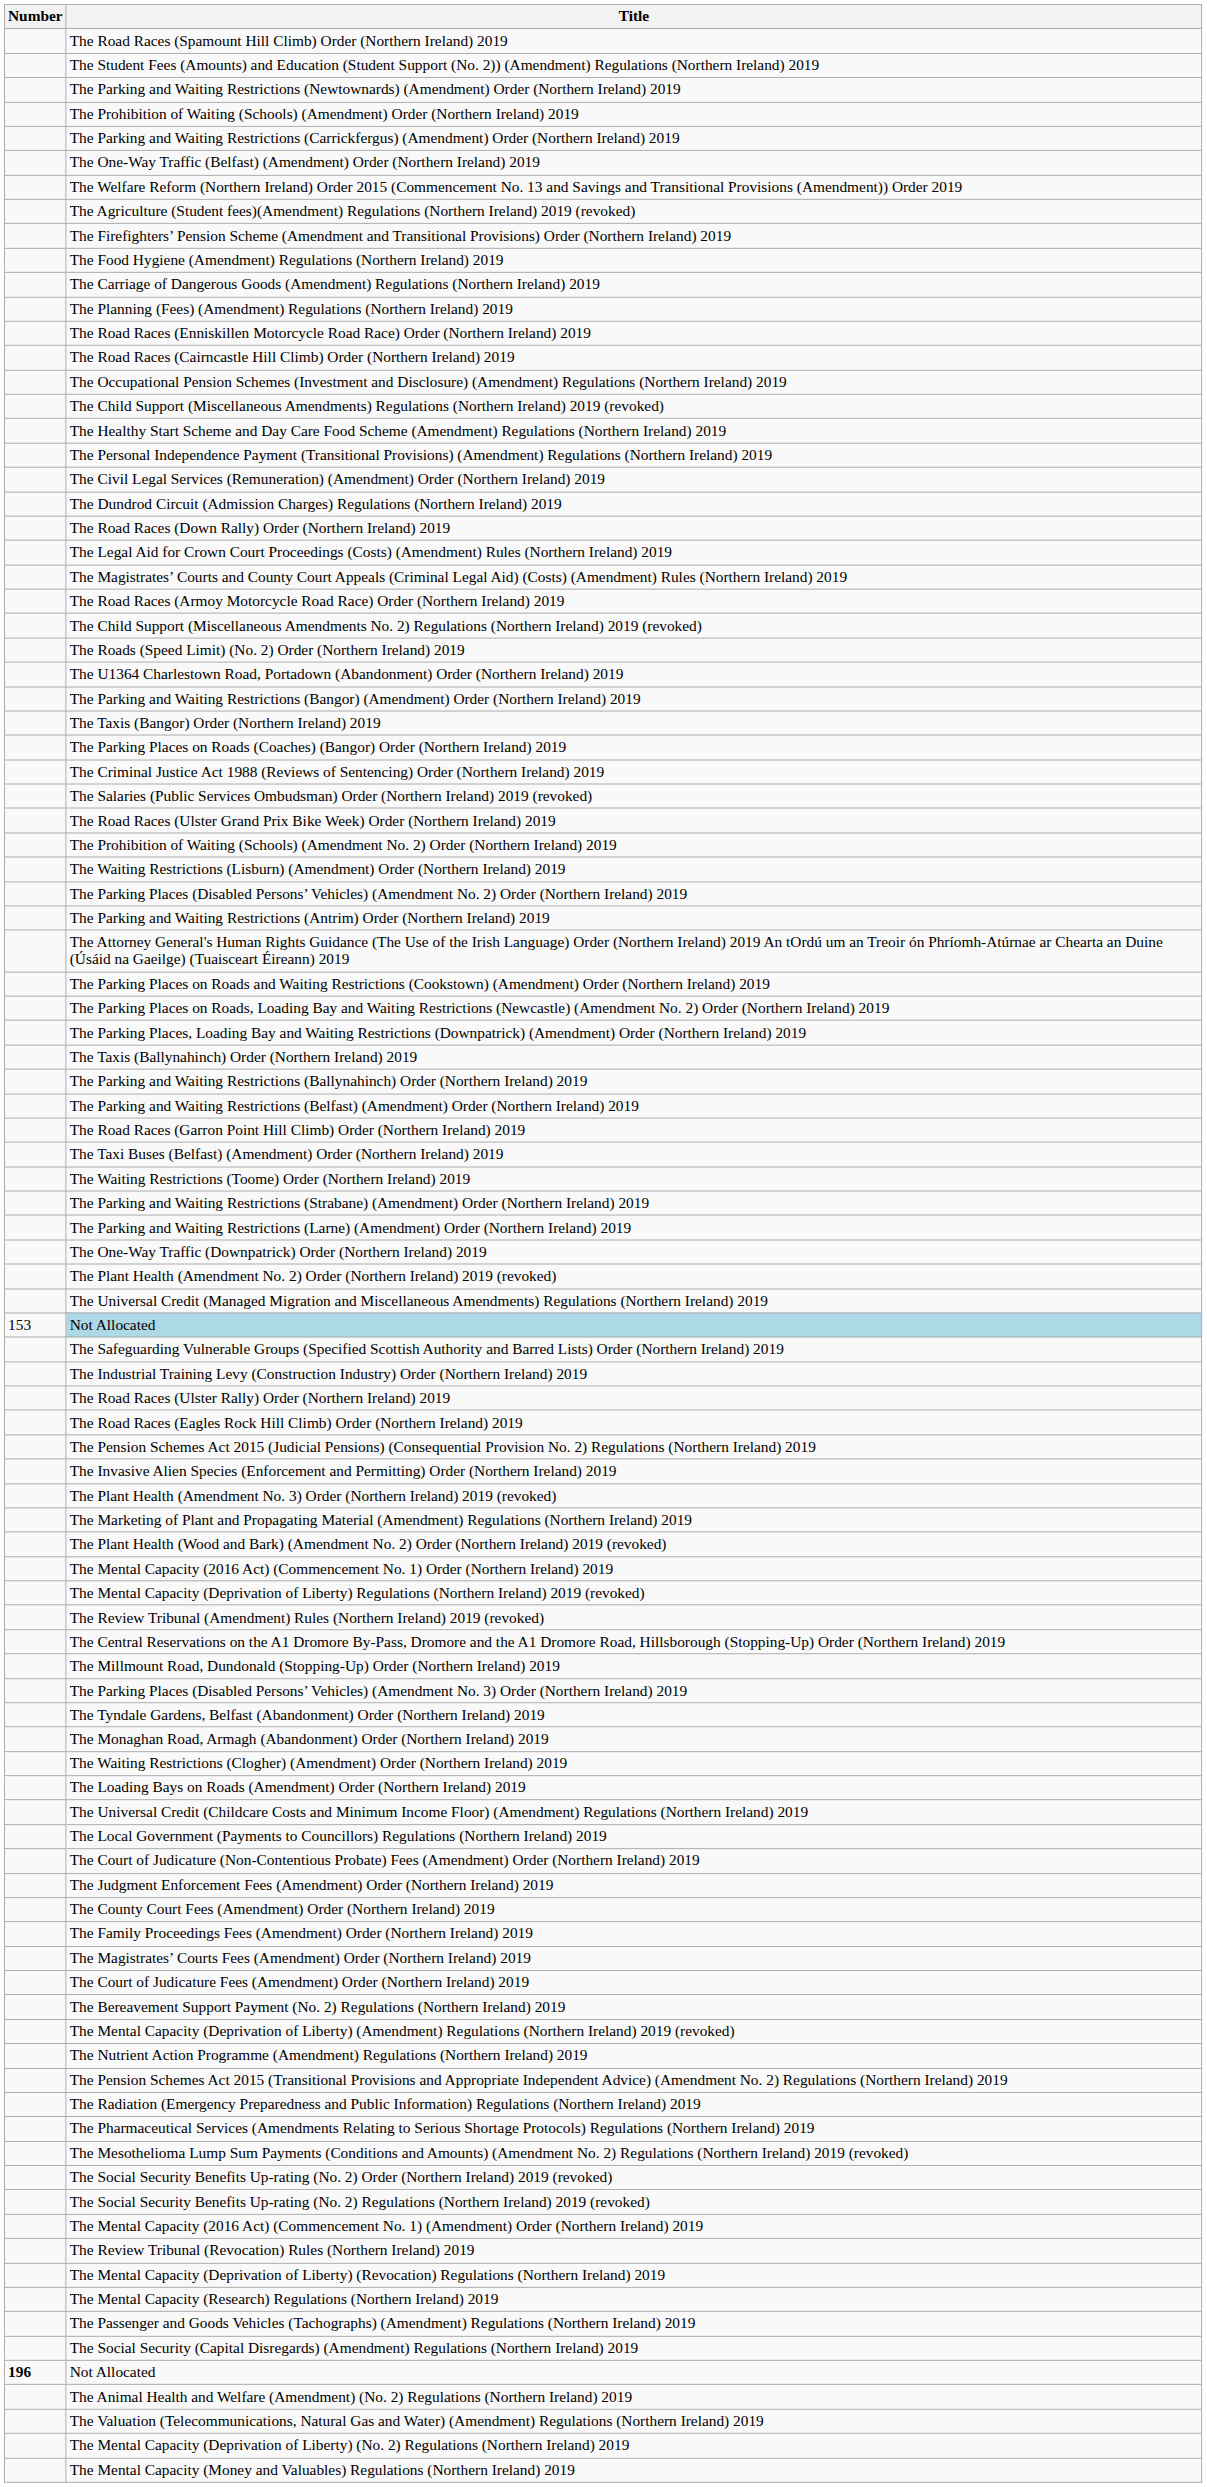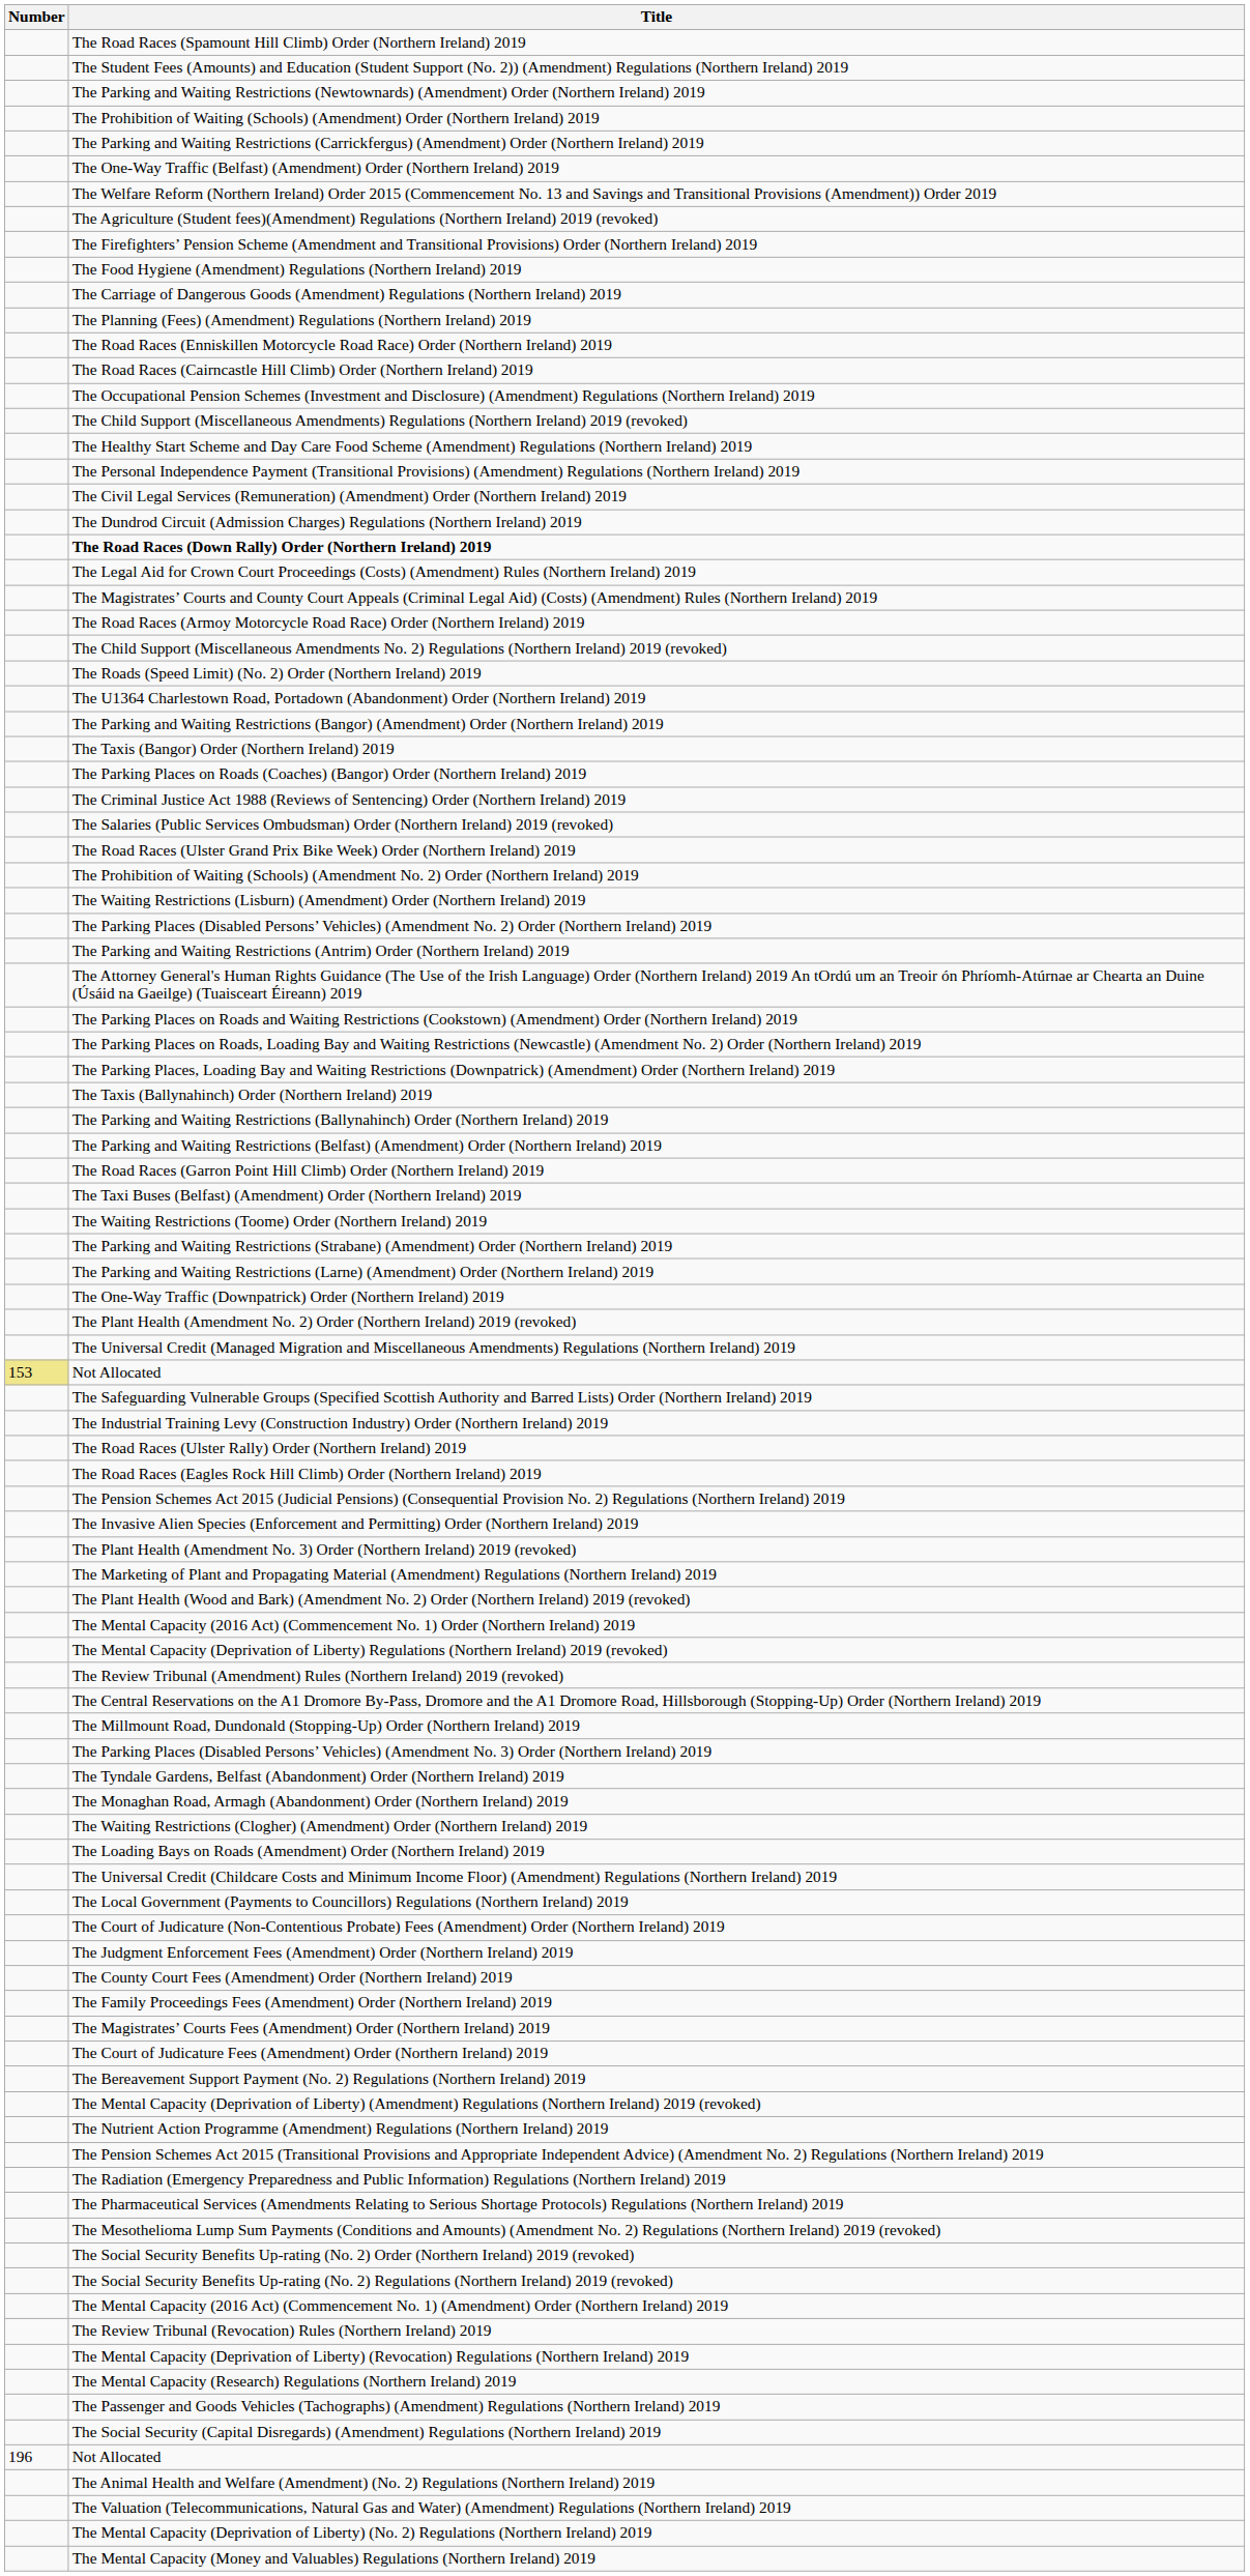 <table class="wikitable collapsible">
 <tr>
 <th>Number</th>
 <th>Title</th>
 </tr>
 <tr>
 <td></td>
 <td>The Road Races (Spamount Hill Climb) Order (Northern Ireland) 2019</td>
 </tr>
 <tr>
 <td></td>
 <td>The Student Fees (Amounts) and Education (Student Support (No. 2)) (Amendment) Regulations (Northern Ireland) 2019</td>
 </tr>
 <tr>
 <td></td>
 <td>The Parking and Waiting Restrictions (Newtownards) (Amendment) Order (Northern Ireland) 2019</td>
 </tr>
 <tr>
 <td></td>
 <td>The Prohibition of Waiting (Schools) (Amendment) Order (Northern Ireland) 2019</td>
 </tr>
 <tr>
 <td></td>
 <td>The Parking and Waiting Restrictions (Carrickfergus) (Amendment) Order (Northern Ireland) 2019</td>
 </tr>
 <tr>
 <td></td>
 <td>The One-Way Traffic (Belfast) (Amendment) Order (Northern Ireland) 2019</td>
 </tr>
 <tr>
 <td></td>
 <td>The Welfare Reform (Northern Ireland) Order 2015 (Commencement No. 13 and Savings and Transitional Provisions (Amendment)) Order 2019</td>
 </tr>
 <tr>
 <td></td>
 <td>The Agriculture (Student fees)(Amendment) Regulations (Northern Ireland) 2019 (revoked)</td>
 </tr>
 <tr>
 <td></td>
 <td>The Firefighters’ Pension Scheme (Amendment and Transitional Provisions) Order (Northern Ireland) 2019</td>
 </tr>
 <tr>
 <td></td>
 <td>The Food Hygiene (Amendment) Regulations (Northern Ireland) 2019</td>
 </tr>
 <tr>
 <td></td>
 <td>The Carriage of Dangerous Goods (Amendment) Regulations (Northern Ireland) 2019</td>
 </tr>
 <tr>
 <td></td>
 <td>The Planning (Fees) (Amendment) Regulations (Northern Ireland) 2019</td>
 </tr>
 <tr>
 <td></td>
 <td>The Road Races (Enniskillen Motorcycle Road Race) Order (Northern Ireland) 2019</td>
 </tr>
 <tr>
 <td></td>
 <td>The Road Races (Cairncastle Hill Climb) Order (Northern Ireland) 2019</td>
 </tr>
 <tr>
 <td></td>
 <td>The Occupational Pension Schemes (Investment and Disclosure) (Amendment) Regulations (Northern Ireland) 2019</td>
 </tr>
 <tr>
 <td></td>
 <td>The Child Support (Miscellaneous Amendments) Regulations (Northern Ireland) 2019 (revoked)</td>
 </tr>
 <tr>
 <td></td>
 <td>The Healthy Start Scheme and Day Care Food Scheme (Amendment) Regulations (Northern Ireland) 2019</td>
 </tr>
 <tr>
 <td></td>
 <td>The Personal Independence Payment (Transitional Provisions) (Amendment) Regulations (Northern Ireland) 2019</td>
 </tr>
 <tr>
 <td></td>
 <td>The Civil Legal Services (Remuneration) (Amendment) Order (Northern Ireland) 2019</td>
 </tr>
 <tr>
 <td></td>
 <td>The Dundrod Circuit (Admission Charges) Regulations (Northern Ireland) 2019</td>
 </tr>
 <tr>
 <td></td>
-<td>The Road Races (Down Rally) Order (Northern Ireland) 2019</td>
+<td><strong>The Road Races (Down Rally) Order (Northern Ireland) 2019</strong></td>
 </tr>
 <tr>
 <td></td>
 <td>The Legal Aid for Crown Court Proceedings (Costs) (Amendment) Rules (Northern Ireland) 2019</td>
 </tr>
 <tr>
 <td></td>
 <td>The Magistrates’ Courts and County Court Appeals (Criminal Legal Aid) (Costs) (Amendment) Rules (Northern Ireland) 2019</td>
 </tr>
 <tr>
 <td></td>
 <td>The Road Races (Armoy Motorcycle Road Race) Order (Northern Ireland) 2019</td>
 </tr>
 <tr>
 <td></td>
 <td>The Child Support (Miscellaneous Amendments No. 2) Regulations (Northern Ireland) 2019 (revoked)</td>
 </tr>
 <tr>
 <td></td>
 <td>The Roads (Speed Limit) (No. 2) Order (Northern Ireland) 2019</td>
 </tr>
 <tr>
 <td></td>
 <td>The U1364 Charlestown Road, Portadown (Abandonment) Order (Northern Ireland) 2019</td>
 </tr>
 <tr>
 <td></td>
 <td>The Parking and Waiting Restrictions (Bangor) (Amendment) Order (Northern Ireland) 2019</td>
 </tr>
 <tr>
 <td></td>
 <td>The Taxis (Bangor) Order (Northern Ireland) 2019</td>
 </tr>
 <tr>
 <td></td>
 <td>The Parking Places on Roads (Coaches) (Bangor) Order (Northern Ireland) 2019</td>
 </tr>
 <tr>
 <td></td>
 <td>The Criminal Justice Act 1988 (Reviews of Sentencing) Order (Northern Ireland) 2019</td>
 </tr>
 <tr>
 <td></td>
 <td>The Salaries (Public Services Ombudsman) Order (Northern Ireland) 2019 (revoked)</td>
 </tr>
 <tr>
 <td></td>
 <td>The Road Races (Ulster Grand Prix Bike Week) Order (Northern Ireland) 2019</td>
 </tr>
 <tr>
 <td></td>
 <td>The Prohibition of Waiting (Schools) (Amendment No. 2) Order (Northern Ireland) 2019</td>
 </tr>
 <tr>
 <td></td>
 <td>The Waiting Restrictions (Lisburn) (Amendment) Order (Northern Ireland) 2019</td>
 </tr>
 <tr>
 <td></td>
 <td>The Parking Places (Disabled Persons’ Vehicles) (Amendment No. 2) Order (Northern Ireland) 2019</td>
 </tr>
 <tr>
 <td></td>
 <td>The Parking and Waiting Restrictions (Antrim) Order (Northern Ireland) 2019</td>
 </tr>
 <tr>
 <td></td>
 <td>The Attorney General's Human Rights Guidance (The Use of the Irish Language) Order (Northern Ireland) 2019 An tOrdú um an Treoir ón Phríomh-Atúrnae ar Chearta an Duine (Úsáid na Gaeilge) (Tuaisceart Éireann) 2019</td>
 </tr>
 <tr>
 <td></td>
 <td>The Parking Places on Roads and Waiting Restrictions (Cookstown) (Amendment) Order (Northern Ireland) 2019</td>
 </tr>
 <tr>
 <td></td>
 <td>The Parking Places on Roads, Loading Bay and Waiting Restrictions (Newcastle) (Amendment No. 2) Order (Northern Ireland) 2019</td>
 </tr>
 <tr>
 <td></td>
 <td>The Parking Places, Loading Bay and Waiting Restrictions (Downpatrick) (Amendment) Order (Northern Ireland) 2019</td>
 </tr>
 <tr>
 <td></td>
 <td>The Taxis (Ballynahinch) Order (Northern Ireland) 2019</td>
 </tr>
 <tr>
 <td></td>
 <td>The Parking and Waiting Restrictions (Ballynahinch) Order (Northern Ireland) 2019</td>
 </tr>
 <tr>
 <td></td>
 <td>The Parking and Waiting Restrictions (Belfast) (Amendment) Order (Northern Ireland) 2019</td>
 </tr>
 <tr>
 <td></td>
 <td>The Road Races (Garron Point Hill Climb) Order (Northern Ireland) 2019</td>
 </tr>
 <tr>
 <td></td>
 <td>The Taxi Buses (Belfast) (Amendment) Order (Northern Ireland) 2019</td>
 </tr>
 <tr>
 <td></td>
 <td>The Waiting Restrictions (Toome) Order (Northern Ireland) 2019</td>
 </tr>
 <tr>
 <td></td>
 <td>The Parking and Waiting Restrictions (Strabane) (Amendment) Order (Northern Ireland) 2019</td>
 </tr>
 <tr>
 <td></td>
 <td>The Parking and Waiting Restrictions (Larne) (Amendment) Order (Northern Ireland) 2019</td>
 </tr>
 <tr>
 <td></td>
 <td>The One-Way Traffic (Downpatrick) Order (Northern Ireland) 2019</td>
 </tr>
 <tr>
 <td></td>
 <td>The Plant Health (Amendment No. 2) Order (Northern Ireland) 2019 (revoked)</td>
 </tr>
 <tr>
 <td></td>
 <td>The Universal Credit (Managed Migration and Miscellaneous Amendments) Regulations (Northern Ireland) 2019</td>
 </tr>
 <tr>
-<td>153</td>
-<td style="background: lightblue;">Not Allocated</td>
+<td style="background: khaki;">153</td>
+<td>Not Allocated</td>
 </tr>
 <tr>
 <td></td>
 <td>The Safeguarding Vulnerable Groups (Specified Scottish Authority and Barred Lists) Order (Northern Ireland) 2019</td>
 </tr>
 <tr>
 <td></td>
 <td>The Industrial Training Levy (Construction Industry) Order (Northern Ireland) 2019</td>
 </tr>
 <tr>
 <td></td>
 <td>The Road Races (Ulster Rally) Order (Northern Ireland) 2019</td>
 </tr>
 <tr>
 <td></td>
 <td>The Road Races (Eagles Rock Hill Climb) Order (Northern Ireland) 2019</td>
 </tr>
 <tr>
 <td></td>
 <td>The Pension Schemes Act 2015 (Judicial Pensions) (Consequential Provision No. 2) Regulations (Northern Ireland) 2019</td>
 </tr>
 <tr>
 <td></td>
 <td>The Invasive Alien Species (Enforcement and Permitting) Order (Northern Ireland) 2019</td>
 </tr>
 <tr>
 <td></td>
 <td>The Plant Health (Amendment No. 3) Order (Northern Ireland) 2019 (revoked)</td>
 </tr>
 <tr>
 <td></td>
 <td>The Marketing of Plant and Propagating Material (Amendment) Regulations (Northern Ireland) 2019</td>
 </tr>
 <tr>
 <td></td>
 <td>The Plant Health (Wood and Bark) (Amendment No. 2) Order (Northern Ireland) 2019 (revoked)</td>
 </tr>
 <tr>
 <td></td>
 <td>The Mental Capacity (2016 Act) (Commencement No. 1) Order (Northern Ireland) 2019</td>
 </tr>
 <tr>
 <td></td>
 <td>The Mental Capacity (Deprivation of Liberty) Regulations (Northern Ireland) 2019 (revoked)</td>
 </tr>
 <tr>
 <td></td>
 <td>The Review Tribunal (Amendment) Rules (Northern Ireland) 2019 (revoked)</td>
 </tr>
 <tr>
 <td></td>
 <td>The Central Reservations on the A1 Dromore By-Pass, Dromore and the A1 Dromore Road, Hillsborough (Stopping-Up) Order (Northern Ireland) 2019</td>
 </tr>
 <tr>
 <td></td>
 <td>The Millmount Road, Dundonald (Stopping-Up) Order (Northern Ireland) 2019</td>
 </tr>
 <tr>
 <td></td>
 <td>The Parking Places (Disabled Persons’ Vehicles) (Amendment No. 3) Order (Northern Ireland) 2019</td>
 </tr>
 <tr>
 <td></td>
 <td>The Tyndale Gardens, Belfast (Abandonment) Order (Northern Ireland) 2019</td>
 </tr>
 <tr>
 <td></td>
 <td>The Monaghan Road, Armagh (Abandonment) Order (Northern Ireland) 2019</td>
 </tr>
 <tr>
 <td></td>
 <td>The Waiting Restrictions (Clogher) (Amendment) Order (Northern Ireland) 2019</td>
 </tr>
 <tr>
 <td></td>
 <td>The Loading Bays on Roads (Amendment) Order (Northern Ireland) 2019</td>
 </tr>
 <tr>
 <td></td>
 <td>The Universal Credit (Childcare Costs and Minimum Income Floor) (Amendment) Regulations (Northern Ireland) 2019</td>
 </tr>
 <tr>
 <td></td>
 <td>The Local Government (Payments to Councillors) Regulations (Northern Ireland) 2019</td>
 </tr>
 <tr>
 <td></td>
 <td>The Court of Judicature (Non-Contentious Probate) Fees (Amendment) Order (Northern Ireland) 2019</td>
 </tr>
 <tr>
 <td></td>
 <td>The Judgment Enforcement Fees (Amendment) Order (Northern Ireland) 2019</td>
 </tr>
 <tr>
 <td></td>
 <td>The County Court Fees (Amendment) Order (Northern Ireland) 2019</td>
 </tr>
 <tr>
 <td></td>
 <td>The Family Proceedings Fees (Amendment) Order (Northern Ireland) 2019</td>
 </tr>
 <tr>
 <td></td>
 <td>The Magistrates’ Courts Fees (Amendment) Order (Northern Ireland) 2019</td>
 </tr>
 <tr>
 <td></td>
 <td>The Court of Judicature Fees (Amendment) Order (Northern Ireland) 2019</td>
 </tr>
 <tr>
 <td></td>
 <td>The Bereavement Support Payment (No. 2) Regulations (Northern Ireland) 2019</td>
 </tr>
 <tr>
 <td></td>
 <td>The Mental Capacity (Deprivation of Liberty) (Amendment) Regulations (Northern Ireland) 2019 (revoked)</td>
 </tr>
 <tr>
 <td></td>
 <td>The Nutrient Action Programme (Amendment) Regulations (Northern Ireland) 2019</td>
 </tr>
 <tr>
 <td></td>
 <td>The Pension Schemes Act 2015 (Transitional Provisions and Appropriate Independent Advice) (Amendment No. 2) Regulations (Northern Ireland) 2019</td>
 </tr>
 <tr>
 <td></td>
 <td>The Radiation (Emergency Preparedness and Public Information) Regulations (Northern Ireland) 2019</td>
 </tr>
 <tr>
 <td></td>
 <td>The Pharmaceutical Services (Amendments Relating to Serious Shortage Protocols) Regulations (Northern Ireland) 2019</td>
 </tr>
 <tr>
 <td></td>
 <td>The Mesothelioma Lump Sum Payments (Conditions and Amounts) (Amendment No. 2) Regulations (Northern Ireland) 2019 (revoked)</td>
 </tr>
 <tr>
 <td></td>
 <td>The Social Security Benefits Up-rating (No. 2) Order (Northern Ireland) 2019 (revoked)</td>
 </tr>
 <tr>
 <td></td>
 <td>The Social Security Benefits Up-rating (No. 2) Regulations (Northern Ireland) 2019 (revoked)</td>
 </tr>
 <tr>
 <td></td>
 <td>The Mental Capacity (2016 Act) (Commencement No. 1) (Amendment) Order (Northern Ireland) 2019</td>
 </tr>
 <tr>
 <td></td>
 <td>The Review Tribunal (Revocation) Rules (Northern Ireland) 2019</td>
 </tr>
 <tr>
 <td></td>
 <td>The Mental Capacity (Deprivation of Liberty) (Revocation) Regulations (Northern Ireland) 2019</td>
 </tr>
 <tr>
 <td></td>
 <td>The Mental Capacity (Research) Regulations (Northern Ireland) 2019</td>
 </tr>
 <tr>
 <td></td>
 <td>The Passenger and Goods Vehicles (Tachographs) (Amendment) Regulations (Northern Ireland) 2019</td>
 </tr>
 <tr>
 <td></td>
 <td>The Social Security (Capital Disregards) (Amendment) Regulations (Northern Ireland) 2019</td>
 </tr>
 <tr>
-<td><strong>196</strong></td>
+<td>196</td>
 <td>Not Allocated</td>
 </tr>
 <tr>
 <td></td>
 <td>The Animal Health and Welfare (Amendment) (No. 2) Regulations (Northern Ireland) 2019</td>
 </tr>
 <tr>
 <td></td>
 <td>The Valuation (Telecommunications, Natural Gas and Water) (Amendment) Regulations (Northern Ireland) 2019</td>
 </tr>
 <tr>
 <td></td>
 <td>The Mental Capacity (Deprivation of Liberty) (No. 2) Regulations (Northern Ireland) 2019</td>
 </tr>
 <tr>
 <td></td>
 <td>The Mental Capacity (Money and Valuables) Regulations (Northern Ireland) 2019</td>
 </tr>
 </table>
